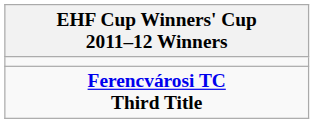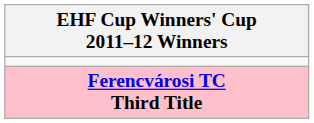 <table class="wikitable" style="text-align: center; margin: 0 auto; width: 20%">
 <tr>
 <th>EHF Cup Winners' Cup <br>2011–12 Winners</th>
 </tr>
 <tr>
 <td></td>
 </tr>
 <tr>
-<td><strong><a href='#'>Ferencvárosi TC</a></strong><br><strong>Third Title</strong></td>
+<td style="background: pink;"><strong><a href='#'>Ferencvárosi TC</a></strong><br><strong>Third Title</strong></td>
 </tr>
 </table>
